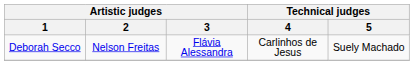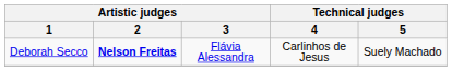 <table class="wikitable" style="font-size:100%; line-height:16px; text-align:center" width="100%">
 <tr>
 <th colspan=3>Artistic judges</th>
 <th colspan=2>Technical judges</th>
 </tr>
 <tr>
 <th width="20.0%">1</th>
 <th width="20.0%">2</th>
 <th width="20.0%">3</th>
 <th width="20.0%">4</th>
 <th width="20.0%">5</th>
 </tr>
 <tr>
 <td><a href='#'>Deborah Secco</a></td>
-<td><a href='#'>Nelson Freitas</a></td>
+<td><strong><a href='#'>Nelson Freitas</a></strong></td>
 <td><a href='#'>Flávia Alessandra</a></td>
 <td>Carlinhos de Jesus</td>
 <td>Suely Machado</td>
 </tr>
 <tr>
 </tr>
 </table>
